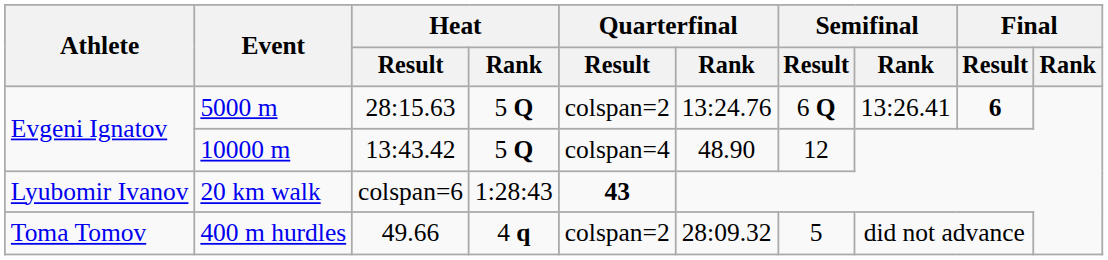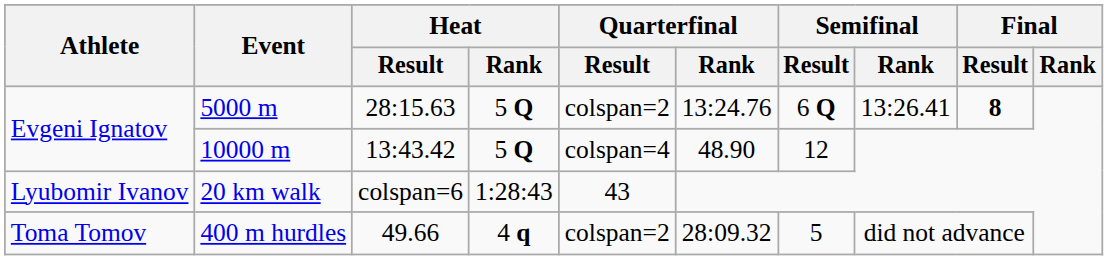 <table class="wikitable" style="font-size:90%">
 <tr>
 <th rowspan="2">Athlete</th>
 <th rowspan="2">Event</th>
 <th colspan="2">Heat</th>
 <th colspan="2">Quarterfinal</th>
 <th colspan="2">Semifinal</th>
 <th colspan="2">Final</th>
 </tr>
 <tr style="font-size:95%">
 <th>Result</th>
 <th>Rank</th>
 <th>Result</th>
 <th>Rank</th>
 <th>Result</th>
 <th>Rank</th>
 <th>Result</th>
 <th>Rank</th>
 </tr>
 <tr align=center>
 <td align=left rowspan=2><a href='#'>Evgeni Ignatov</a></td>
 <td align=left><a href='#'>5000 m</a></td>
 <td>28:15.63</td>
 <td>5 <strong>Q</strong></td>
 <td>colspan=2 </td>
 <td>13:24.76</td>
 <td>6 <strong>Q</strong></td>
 <td>13:26.41</td>
-<td><strong>6</strong></td>
+<td><strong>8</strong></td>
 </tr>
 <tr align=center>
 <td align=left><a href='#'>10000 m</a></td>
 <td>13:43.42</td>
 <td>5 <strong>Q</strong></td>
 <td>colspan=4 </td>
 <td>48.90</td>
 <td>12</td>
 </tr>
 <tr align=center>
 <td align=left><a href='#'>Lyubomir Ivanov</a></td>
 <td align=left><a href='#'>20 km walk</a></td>
 <td>colspan=6 </td>
 <td>1:28:43</td>
-<td><strong>43</strong></td>
+<td>43</td>
 </tr>
 <tr align=center>
 <td align=left><a href='#'>Toma Tomov</a></td>
 <td align=left><a href='#'>400 m hurdles</a></td>
 <td>49.66</td>
 <td>4 <strong>q</strong></td>
 <td>colspan=2 </td>
 <td>28:09.32</td>
 <td>5</td>
 <td colspan=2>did not advance</td>
 </tr>
 </table>
